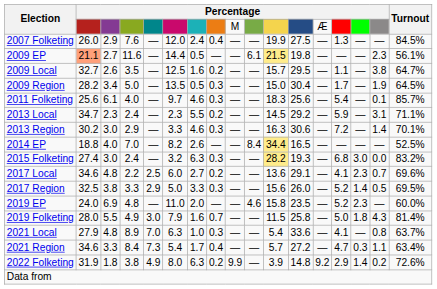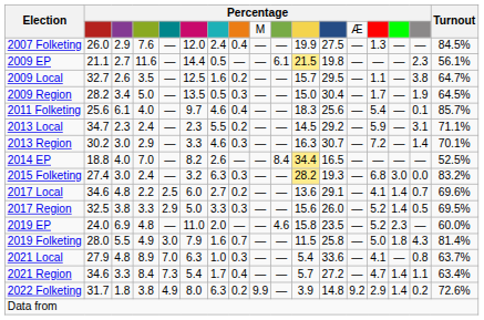 <table class="wikitable" style="text-align:center; font-size:90%; line-height:14px">
 <tr>
 <th rowspan=2>Election</th>
 <th colspan="15">Percentage</th>
 <th rowspan=2>Turnout</th>
 </tr>
 <tr>
 <td style="background:#B5211D; width:20px;"><strong><a href='#'></a></strong></td>
 <td style="background:#843A93; width:20px;"><strong><a href='#'></a></strong></td>
 <td style="background:#89A920; width:20px;"><strong><a href='#'></a></strong></td>
 <td style="background:#00868B; width:20px;"><strong><a href='#'></a></strong></td>
 <td style="background:#C9096C; width:20px;"><strong><a href='#'></a></strong></td>
 <td style="background:#1CB1B7; width:20px;"><strong><a href='#'></a></strong></td>
 <td style="background:#EC7D14; width:20px;"><strong><a href='#'></a></strong></td>
 <td>M</td>
 <td style="background:#78AB46; width:20px;"><strong><a href='#'></a></strong></td>
 <td style="background:#F4D44D; width:20px;"><strong><a href='#'></a></strong></td>
 <td style="background:#254C85; width:20px;"><strong><a href='#'></a></strong></td>
 <td>Æ</td>
 <td style="background:#FF0000; width:20px;"><strong><a href='#'></a></strong></td>
 <td style="background:#00FF00; width:20px;"><strong><a href='#'></a></strong></td>
 <td style="background:#8B8989; width:20px;"><strong></strong></td>
 </tr>
 <tr>
 <td style="text-align:left"><a href='#'>2007 Folketing</a></td>
 <td>26.0</td>
 <td>2.9</td>
 <td>7.6</td>
 <td>—</td>
 <td>12.0</td>
 <td>2.4</td>
 <td>0.4</td>
 <td>—</td>
 <td>—</td>
 <td>19.9</td>
 <td>27.5</td>
 <td>—</td>
 <td>1.3</td>
 <td>—</td>
 <td>—</td>
 <td>84.5%</td>
 </tr>
 <tr>
 <td style="text-align:left"><a href='#'>2009 EP</a></td>
-<td style="background: lightsalmon;">21.1</td>
+<td>21.1</td>
 <td>2.7</td>
 <td>11.6</td>
 <td>—</td>
 <td>14.4</td>
 <td>0.5</td>
 <td>—</td>
 <td>—</td>
 <td>6.1</td>
 <td style="background:#FFEC8B;">21.5</td>
 <td>19.8</td>
 <td>—</td>
 <td>—</td>
 <td>—</td>
 <td>2.3</td>
 <td>56.1%</td>
 </tr>
 <tr>
 <td style="text-align:left"><a href='#'>2009 Local</a></td>
 <td>32.7</td>
 <td>2.6</td>
 <td>3.5</td>
 <td>—</td>
 <td>12.5</td>
 <td>1.6</td>
 <td>0.2</td>
 <td>—</td>
 <td>—</td>
 <td>15.7</td>
 <td>29.5</td>
 <td>—</td>
 <td>1.1</td>
 <td>—</td>
 <td>3.8</td>
 <td>64.7%</td>
 </tr>
 <tr>
 <td style="text-align:left"><a href='#'>2009 Region</a></td>
 <td>28.2</td>
 <td>3.4</td>
 <td>5.0</td>
 <td>—</td>
 <td>13.5</td>
 <td>0.5</td>
 <td>0.3</td>
 <td>—</td>
 <td>—</td>
 <td>15.0</td>
 <td>30.4</td>
 <td>—</td>
 <td>1.7</td>
 <td>—</td>
 <td>1.9</td>
 <td>64.5%</td>
 </tr>
 <tr>
 <td style="text-align:left"><a href='#'>2011 Folketing</a></td>
 <td>25.6</td>
 <td>6.1</td>
 <td>4.0</td>
 <td>—</td>
 <td>9.7</td>
 <td>4.6</td>
-<td>0.3</td>
+<td>0.4</td>
 <td>—</td>
 <td>—</td>
 <td>18.3</td>
 <td>25.6</td>
 <td>—</td>
 <td>5.4</td>
 <td>—</td>
 <td>0.1</td>
 <td>85.7%</td>
 </tr>
 <tr>
 <td style="text-align:left"><a href='#'>2013 Local</a></td>
 <td>34.7</td>
 <td>2.3</td>
 <td>2.4</td>
 <td>—</td>
 <td>2.3</td>
 <td>5.5</td>
 <td>0.2</td>
 <td>—</td>
 <td>—</td>
 <td>14.5</td>
 <td>29.2</td>
 <td>—</td>
 <td>5.9</td>
 <td>—</td>
 <td>3.1</td>
 <td>71.1%</td>
 </tr>
 <tr>
 <td style="text-align:left"><a href='#'>2013 Region</a></td>
 <td>30.2</td>
 <td>3.0</td>
 <td>2.9</td>
 <td>—</td>
 <td>3.3</td>
 <td>4.6</td>
 <td>0.3</td>
 <td>—</td>
 <td>—</td>
 <td>16.3</td>
-<td>30.6</td>
+<td>30.7</td>
 <td>—</td>
 <td>7.2</td>
 <td>—</td>
 <td>1.4</td>
 <td>70.1%</td>
 </tr>
 <tr>
 <td style="text-align:left"><a href='#'>2014 EP</a></td>
 <td>18.8</td>
 <td>4.0</td>
 <td>7.0</td>
 <td>—</td>
 <td>8.2</td>
 <td>2.6</td>
 <td>—</td>
 <td>—</td>
 <td>8.4</td>
 <td style="background:#FFEC8B;">34.4</td>
 <td>16.5</td>
 <td>—</td>
 <td>—</td>
 <td>—</td>
 <td>—</td>
 <td>52.5%</td>
 </tr>
 <tr>
 <td style="text-align:left"><a href='#'>2015 Folketing</a></td>
 <td>27.4</td>
 <td>3.0</td>
 <td>2.4</td>
 <td>—</td>
 <td>3.2</td>
 <td>6.3</td>
 <td>0.3</td>
 <td>—</td>
 <td>—</td>
 <td style="background:#FFEC8B;">28.2</td>
 <td>19.3</td>
 <td>—</td>
 <td>6.8</td>
 <td>3.0</td>
 <td>0.0</td>
 <td>83.2%</td>
 </tr>
 <tr>
 <td style="text-align:left"><a href='#'>2017 Local</a></td>
 <td>34.6</td>
 <td>4.8</td>
 <td>2.2</td>
 <td>2.5</td>
 <td>6.0</td>
 <td>2.7</td>
 <td>0.2</td>
 <td>—</td>
 <td>—</td>
 <td>13.6</td>
 <td>29.1</td>
 <td>—</td>
 <td>4.1</td>
-<td>2.3</td>
+<td>1.4</td>
 <td>0.7</td>
 <td>69.6%</td>
 </tr>
 <tr>
 <td style="text-align:left"><a href='#'>2017 Region</a></td>
 <td>32.5</td>
 <td>3.8</td>
 <td>3.3</td>
 <td>2.9</td>
 <td>5.0</td>
 <td>3.3</td>
 <td>0.3</td>
 <td>—</td>
 <td>—</td>
 <td>15.6</td>
 <td>26.0</td>
 <td>—</td>
 <td>5.2</td>
 <td>1.4</td>
 <td>0.5</td>
 <td>69.5%</td>
 </tr>
 <tr>
 <td style="text-align:left"><a href='#'>2019 EP</a></td>
 <td>24.0</td>
 <td>6.9</td>
 <td>4.8</td>
 <td>—</td>
 <td>11.0</td>
 <td>2.0</td>
 <td>—</td>
 <td>—</td>
 <td>4.6</td>
 <td>15.8</td>
 <td>23.5</td>
 <td>—</td>
 <td>5.2</td>
 <td>2.3</td>
 <td>—</td>
 <td>60.0%</td>
 </tr>
 <tr>
 <td style="text-align:left"><a href='#'>2019 Folketing</a></td>
 <td>28.0</td>
 <td>5.5</td>
 <td>4.9</td>
 <td>3.0</td>
 <td>7.9</td>
 <td>1.6</td>
 <td>0.7</td>
 <td>—</td>
 <td>—</td>
 <td>11.5</td>
 <td>25.8</td>
 <td>—</td>
 <td>5.0</td>
 <td>1.8</td>
 <td>4.3</td>
 <td>81.4%</td>
 </tr>
 <tr>
 <td style="text-align:left"><a href='#'>2021 Local</a></td>
 <td>27.9</td>
 <td>4.8</td>
 <td>8.9</td>
 <td>7.0</td>
 <td>6.3</td>
 <td>1.0</td>
 <td>0.3</td>
 <td>—</td>
 <td>—</td>
 <td>5.4</td>
 <td>33.6</td>
 <td>—</td>
 <td>4.1</td>
 <td>—</td>
 <td>0.8</td>
 <td>63.7%</td>
 </tr>
 <tr>
 <td style="text-align:left"><a href='#'>2021 Region</a></td>
 <td>34.6</td>
 <td>3.3</td>
 <td>8.4</td>
 <td>7.3</td>
 <td>5.4</td>
 <td>1.7</td>
 <td>0.4</td>
 <td>—</td>
 <td>—</td>
 <td>5.7</td>
 <td>27.2</td>
 <td>—</td>
 <td>4.7</td>
-<td>0.3</td>
+<td>1.4</td>
 <td>1.1</td>
 <td>63.4%</td>
 </tr>
 <tr>
 <td><a href='#'>2022 Folketing</a></td>
-<td>31.9</td>
+<td>31.7</td>
 <td>1.8</td>
 <td>3.8</td>
 <td>4.9</td>
 <td>8.0</td>
 <td>6.3</td>
 <td>0.2</td>
 <td>9.9</td>
 <td>—</td>
 <td>3.9</td>
 <td>14.8</td>
 <td>9.2</td>
 <td>2.9</td>
 <td>1.4</td>
 <td>0.2</td>
 <td>72.6%</td>
 </tr>
 <tr>
 <td colspan="22" style="text-align:left">Data from </td>
 </tr>
 </table>
